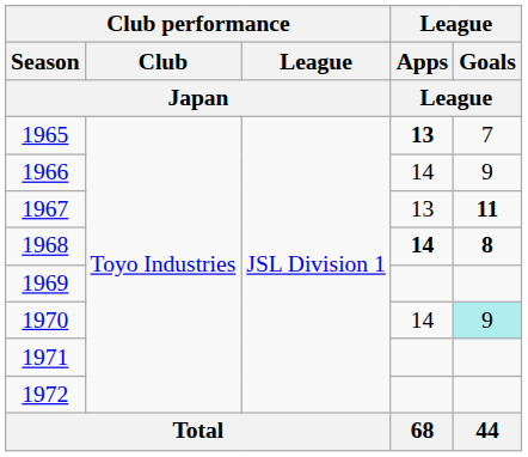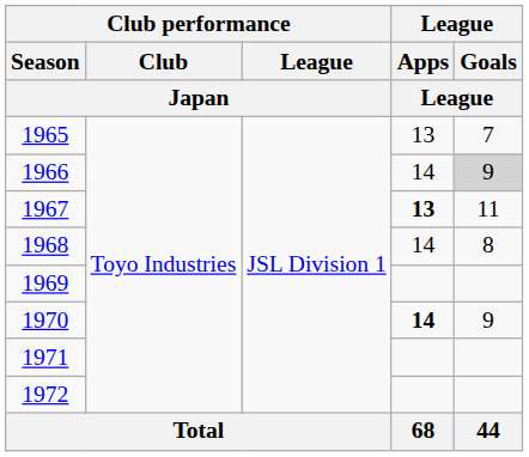 <table class="wikitable" style="text-align:center;">
 <tr>
 <th colspan=3>Club performance</th>
 <th colspan=2>League</th>
 </tr>
 <tr>
 <th>Season</th>
 <th>Club</th>
 <th>League</th>
 <th>Apps</th>
 <th>Goals</th>
 </tr>
 <tr>
 <th colspan=3>Japan</th>
 <th colspan=2>League</th>
 </tr>
 <tr>
 <td><a href='#'>1965</a></td>
 <td rowspan="8"><a href='#'>Toyo Industries</a></td>
 <td rowspan="8"><a href='#'>JSL Division 1</a></td>
-<td><strong>13</strong></td>
+<td>13</td>
 <td>7</td>
 </tr>
 <tr>
 <td><a href='#'>1966</a></td>
 <td>14</td>
-<td>9</td>
+<td style="background: lightgrey;">9</td>
 </tr>
 <tr>
 <td><a href='#'>1967</a></td>
-<td>13</td>
-<td><strong>11</strong></td>
+<td><strong>13</strong></td>
+<td>11</td>
 </tr>
 <tr>
 <td><a href='#'>1968</a></td>
-<td><strong>14</strong></td>
-<td><strong>8</strong></td>
+<td>14</td>
+<td>8</td>
 </tr>
 <tr>
 <td><a href='#'>1969</a></td>
 <td></td>
 <td></td>
 </tr>
 <tr>
 <td><a href='#'>1970</a></td>
-<td>14</td>
-<td style="background: paleturquoise;">9</td>
+<td><strong>14</strong></td>
+<td>9</td>
 </tr>
 <tr>
 <td><a href='#'>1971</a></td>
 <td></td>
 <td></td>
 </tr>
 <tr>
 <td><a href='#'>1972</a></td>
 <td></td>
 <td></td>
 </tr>
 <tr>
 <th colspan=3>Total</th>
 <th>68</th>
 <th>44</th>
 </tr>
 </table>
